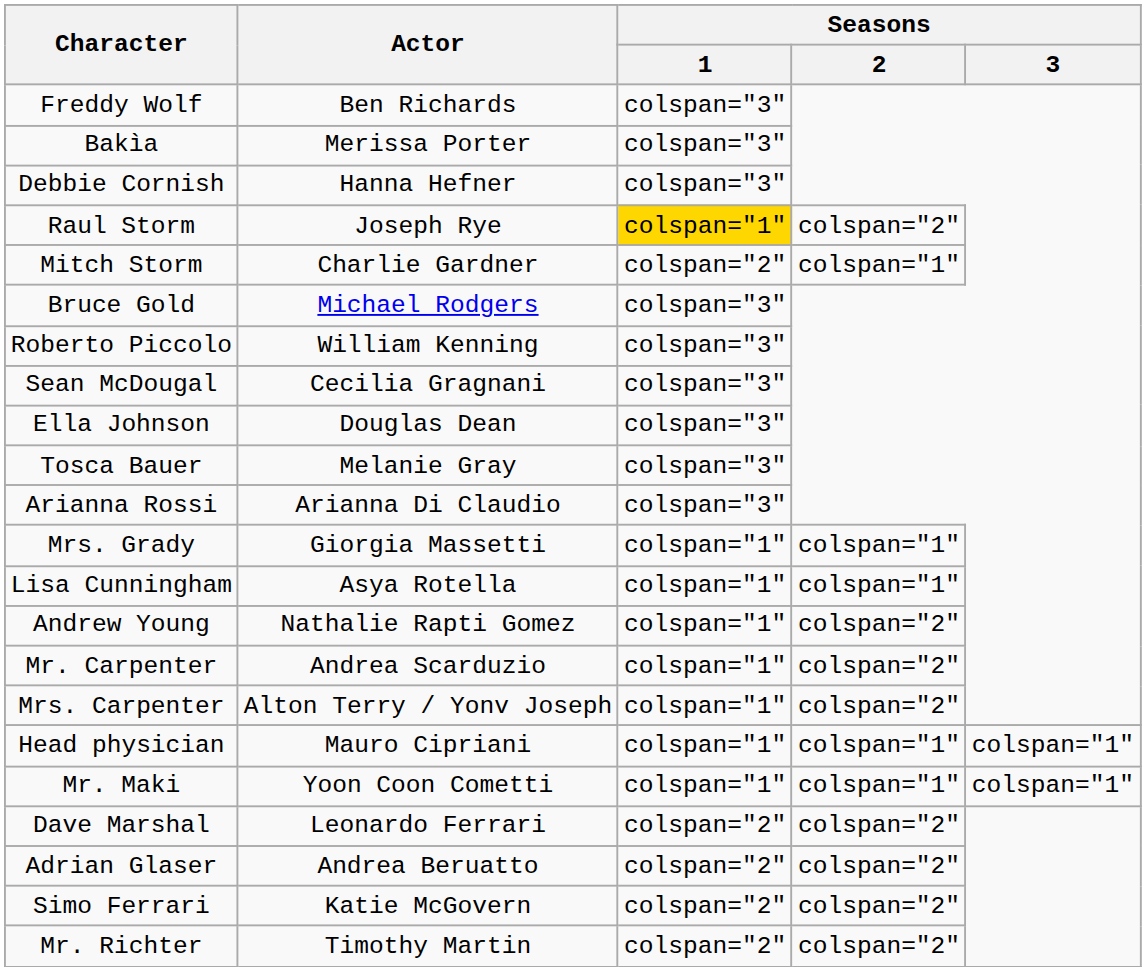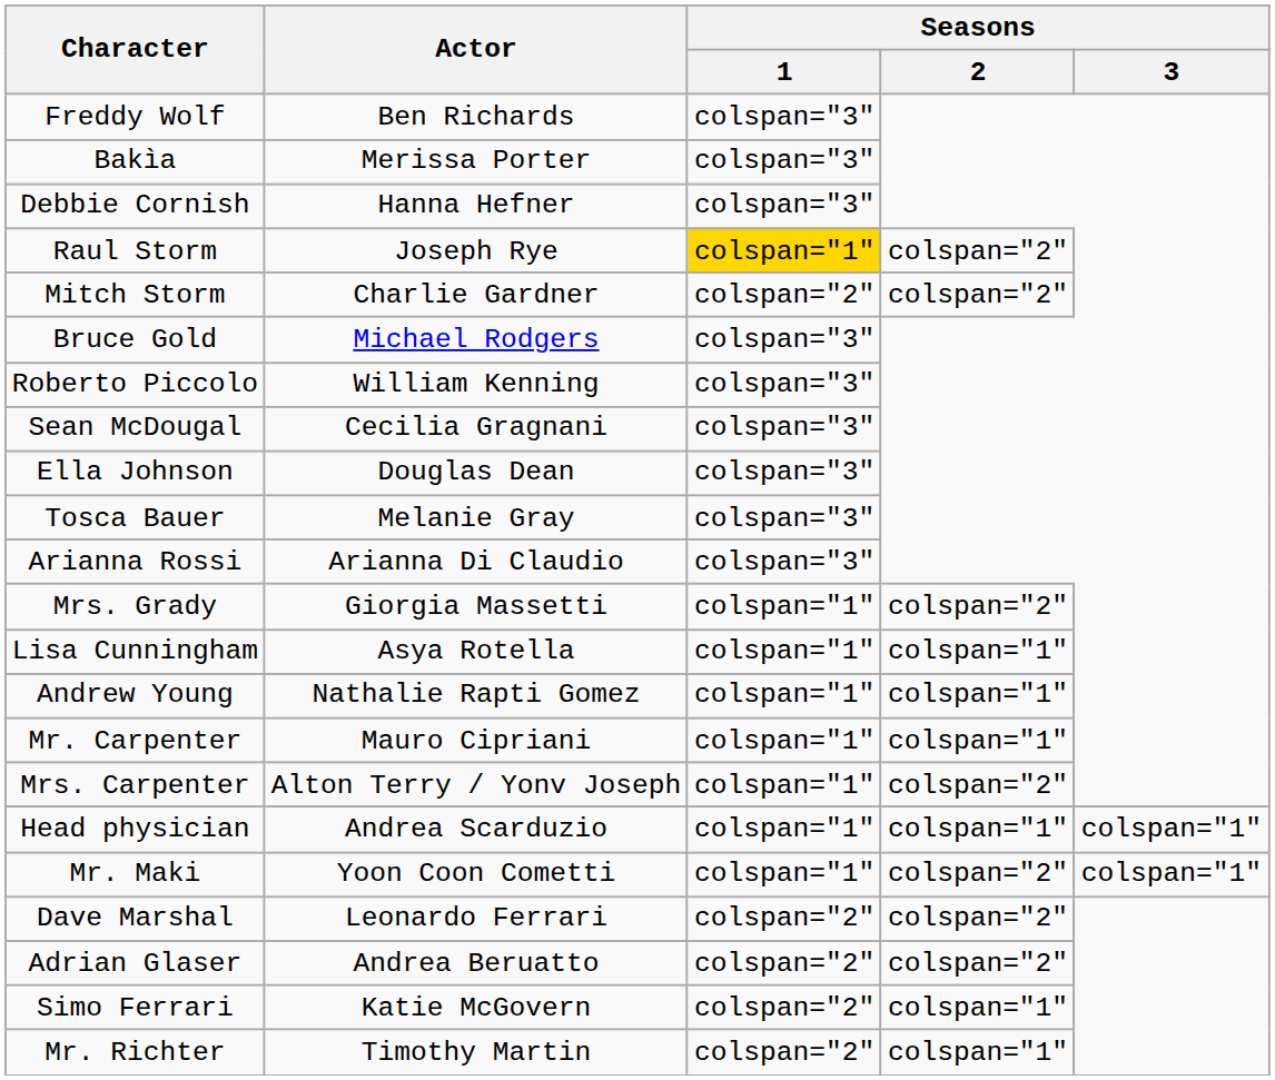 <table class="wikitable" style="text-align:center">
 <tr>
 <th rowspan="2">Character</th>
 <th rowspan="2">Actor</th>
 <th colspan="4">Seasons</th>
 </tr>
 <tr>
 <th>1</th>
 <th>2</th>
 <th>3</th>
 </tr>
 <tr>
 <td>Freddy Wolf</td>
 <td>Ben Richards</td>
 <td>colspan="3" </td>
 </tr>
 <tr>
 <td>Bakìa</td>
 <td>Merissa Porter</td>
 <td>colspan="3" </td>
 </tr>
 <tr>
 <td>Debbie Cornish</td>
 <td>Hanna Hefner</td>
 <td>colspan="3" </td>
 </tr>
 <tr>
 <td>Raul Storm</td>
 <td>Joseph Rye</td>
 <td style="background: gold;">colspan="1" </td>
 <td>colspan="2" </td>
 </tr>
 <tr>
 <td>Mitch Storm</td>
 <td>Charlie Gardner</td>
 <td>colspan="2" </td>
-<td>colspan="1" </td>
+<td>colspan="2" </td>
 </tr>
 <tr>
 <td>Bruce Gold</td>
 <td><a href='#'>Michael Rodgers</a></td>
 <td>colspan="3" </td>
 </tr>
 <tr>
 <td>Roberto Piccolo</td>
 <td>William Kenning</td>
 <td>colspan="3" </td>
 </tr>
 <tr>
 <td>Sean McDougal</td>
 <td>Cecilia Gragnani</td>
 <td>colspan="3" </td>
 </tr>
 <tr>
 <td>Ella Johnson</td>
 <td>Douglas Dean</td>
 <td>colspan="3" </td>
 </tr>
 <tr>
 <td>Tosca Bauer</td>
 <td>Melanie Gray</td>
 <td>colspan="3" </td>
 </tr>
 <tr>
 <td>Arianna Rossi</td>
 <td>Arianna Di Claudio</td>
 <td>colspan="3" </td>
 </tr>
 <tr>
 <td>Mrs. Grady</td>
 <td>Giorgia Massetti</td>
 <td>colspan="1" </td>
-<td>colspan="1" </td>
+<td>colspan="2" </td>
 </tr>
 <tr>
 <td>Lisa Cunningham</td>
 <td>Asya Rotella</td>
 <td>colspan="1" </td>
 <td>colspan="1" </td>
 </tr>
 <tr>
 <td>Andrew Young</td>
 <td>Nathalie Rapti Gomez</td>
 <td>colspan="1" </td>
-<td>colspan="2" </td>
+<td>colspan="1" </td>
 </tr>
 <tr>
 <td>Mr. Carpenter</td>
-<td>Andrea Scarduzio</td>
+<td>Mauro Cipriani</td>
 <td>colspan="1" </td>
-<td>colspan="2" </td>
+<td>colspan="1" </td>
 </tr>
 <tr>
 <td>Mrs. Carpenter</td>
 <td>Alton Terry / Yonv Joseph</td>
 <td>colspan="1" </td>
 <td>colspan="2" </td>
 </tr>
 <tr>
 <td>Head physician</td>
-<td>Mauro Cipriani</td>
+<td>Andrea Scarduzio</td>
 <td>colspan="1" </td>
 <td>colspan="1" </td>
 <td>colspan="1" </td>
 </tr>
 <tr>
 <td>Mr. Maki</td>
 <td>Yoon Coon Cometti</td>
 <td>colspan="1" </td>
-<td>colspan="1" </td>
+<td>colspan="2" </td>
 <td>colspan="1" </td>
 </tr>
 <tr>
 <td>Dave Marshal</td>
 <td>Leonardo Ferrari</td>
 <td>colspan="2" </td>
 <td>colspan="2" </td>
 </tr>
 <tr>
 <td>Adrian Glaser</td>
 <td>Andrea Beruatto</td>
 <td>colspan="2" </td>
 <td>colspan="2" </td>
 </tr>
 <tr>
 <td>Simo Ferrari</td>
 <td>Katie McGovern</td>
 <td>colspan="2" </td>
-<td>colspan="2" </td>
+<td>colspan="1" </td>
 </tr>
 <tr>
 <td>Mr. Richter</td>
 <td>Timothy Martin</td>
 <td>colspan="2" </td>
-<td>colspan="2" </td>
+<td>colspan="1" </td>
 </tr>
 </table>
